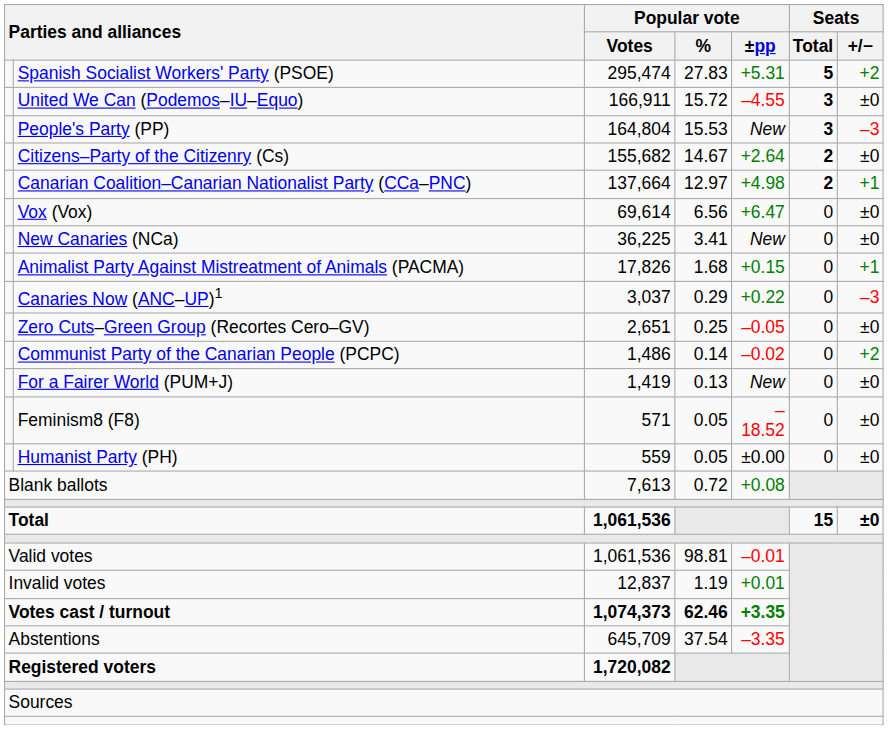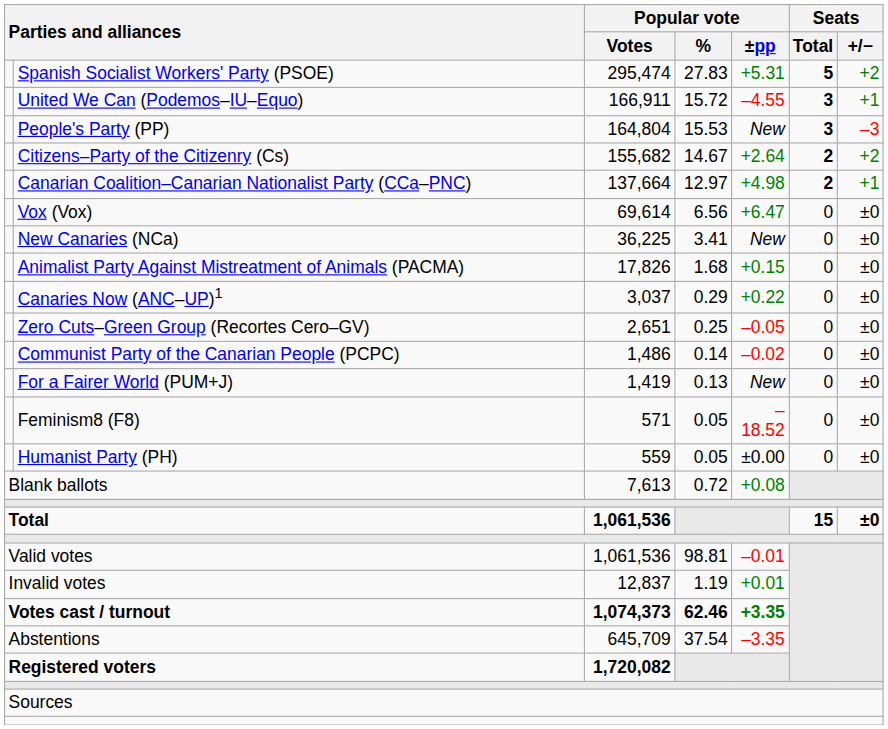 <table class="wikitable" style="text-align:right;">
 <tr>
 <th style="text-align:left;" rowspan="2" colspan="2" width="525">Parties and alliances</th>
 <th colspan="3">Popular vote</th>
 <th colspan="2">Seats</th>
 </tr>
 <tr>
 <th width="75">Votes</th>
 <th width="45">%</th>
 <th width="45">±<a href='#'>pp</a></th>
 <th width="35">Total</th>
 <th width="35">+/−</th>
 </tr>
 <tr>
 <td width="1" style="color:inherit;background:"></td>
 <td align="left"><a href='#'>Spanish Socialist Workers' Party</a> (PSOE)</td>
 <td>295,474</td>
 <td>27.83</td>
 <td style="color:green;">+5.31</td>
 <td><strong>5</strong></td>
 <td style="color:green;">+2</td>
 </tr>
 <tr>
 <td style="color:inherit;background:"></td>
 <td align="left"><a href='#'>United We Can</a> (<a href='#'>Podemos</a>–<a href='#'>IU</a>–<a href='#'>Equo</a>)</td>
 <td>166,911</td>
 <td>15.72</td>
 <td style="color:red;">–4.55</td>
 <td><strong>3</strong></td>
-<td>±0</td>
+<td style="color:green;">+1</td>
 </tr>
 <tr>
 <td style="color:inherit;background:"></td>
 <td align="left"><a href='#'>People's Party</a> (PP)</td>
 <td>164,804</td>
 <td>15.53</td>
 <td><em>New</em></td>
 <td><strong>3</strong></td>
 <td style="color:red;">–3</td>
 </tr>
 <tr>
 <td style="color:inherit;background:"></td>
 <td align="left"><a href='#'>Citizens–Party of the Citizenry</a> (Cs)</td>
 <td>155,682</td>
 <td>14.67</td>
 <td style="color:green;">+2.64</td>
 <td><strong>2</strong></td>
-<td>±0</td>
+<td style="color:green;">+2</td>
 </tr>
 <tr>
 <td style="color:inherit;background:"></td>
 <td align="left"><a href='#'>Canarian Coalition–Canarian Nationalist Party</a> (<a href='#'>CCa</a>–<a href='#'>PNC</a>)</td>
 <td>137,664</td>
 <td>12.97</td>
 <td style="color:green;">+4.98</td>
 <td><strong>2</strong></td>
 <td style="color:green;">+1</td>
 </tr>
 <tr>
 <td style="color:inherit;background:"></td>
 <td align="left"><a href='#'>Vox</a> (Vox)</td>
 <td>69,614</td>
 <td>6.56</td>
 <td style="color:green;">+6.47</td>
 <td>0</td>
 <td>±0</td>
 </tr>
 <tr>
 <td style="color:inherit;background:"></td>
 <td align="left"><a href='#'>New Canaries</a> (NCa)</td>
 <td>36,225</td>
 <td>3.41</td>
 <td><em>New</em></td>
 <td>0</td>
 <td>±0</td>
 </tr>
 <tr>
 <td style="color:inherit;background:"></td>
 <td align="left"><a href='#'>Animalist Party Against Mistreatment of Animals</a> (PACMA)</td>
 <td>17,826</td>
 <td>1.68</td>
 <td style="color:green;">+0.15</td>
 <td>0</td>
-<td style="color:green;">+1</td>
+<td>±0</td>
 </tr>
 <tr>
 <td style="color:inherit;background:"></td>
 <td align="left"><a href='#'>Canaries Now</a> (<a href='#'>ANC</a>–<a href='#'>UP</a>)<sup>1</sup></td>
 <td>3,037</td>
 <td>0.29</td>
 <td style="color:green;">+0.22</td>
 <td>0</td>
-<td style="color:red;">–3</td>
+<td>±0</td>
 </tr>
 <tr>
 <td style="color:inherit;background:"></td>
 <td align="left"><a href='#'>Zero Cuts</a>–<a href='#'>Green Group</a> (Recortes Cero–GV)</td>
 <td>2,651</td>
 <td>0.25</td>
 <td style="color:red;">–0.05</td>
 <td>0</td>
 <td>±0</td>
 </tr>
 <tr>
 <td style="color:inherit;background:"></td>
 <td align="left"><a href='#'>Communist Party of the Canarian People</a> (PCPC)</td>
 <td>1,486</td>
 <td>0.14</td>
 <td style="color:red;">–0.02</td>
 <td>0</td>
-<td style="color:green;">+2</td>
+<td>±0</td>
 </tr>
 <tr>
 <td style="color:inherit;background:"></td>
 <td align="left"><a href='#'>For a Fairer World</a> (PUM+J)</td>
 <td>1,419</td>
 <td>0.13</td>
 <td><em>New</em></td>
 <td>0</td>
 <td>±0</td>
 </tr>
 <tr>
 <td style="color:inherit;background:"></td>
 <td align="left">Feminism8 (F8)</td>
 <td>571</td>
 <td>0.05</td>
 <td style="color:red;">–18.52</td>
 <td>0</td>
 <td>±0</td>
 </tr>
 <tr>
 <td style="color:inherit;background:"></td>
 <td align="left"><a href='#'>Humanist Party</a> (PH)</td>
 <td>559</td>
 <td>0.05</td>
 <td>±0.00</td>
 <td>0</td>
 <td>±0</td>
 </tr>
 <tr>
 <td align="left" colspan="2">Blank ballots</td>
 <td>7,613</td>
 <td>0.72</td>
 <td style="color:green;">+0.08</td>
 <td bgcolor="#E9E9E9" colspan="2"></td>
 </tr>
 <tr>
 <td colspan="7" bgcolor="#E9E9E9"></td>
 </tr>
 <tr style="font-weight:bold;">
 <td align="left" colspan="2">Total</td>
 <td>1,061,536</td>
 <td bgcolor="#E9E9E9" colspan="2"></td>
 <td>15</td>
 <td>±0</td>
 </tr>
 <tr>
 <td colspan="7" bgcolor="#E9E9E9"></td>
 </tr>
 <tr>
 <td align="left" colspan="2">Valid votes</td>
 <td>1,061,536</td>
 <td>98.81</td>
 <td style="color:red;">–0.01</td>
 <td bgcolor="#E9E9E9" colspan="2" rowspan="5"></td>
 </tr>
 <tr>
 <td align="left" colspan="2">Invalid votes</td>
 <td>12,837</td>
 <td>1.19</td>
 <td style="color:green;">+0.01</td>
 </tr>
 <tr style="font-weight:bold;">
 <td align="left" colspan="2">Votes cast / turnout</td>
 <td>1,074,373</td>
 <td>62.46</td>
 <td style="color:green;">+3.35</td>
 </tr>
 <tr>
 <td align="left" colspan="2">Abstentions</td>
 <td>645,709</td>
 <td>37.54</td>
 <td style="color:red;">–3.35</td>
 </tr>
 <tr style="font-weight:bold;">
 <td align="left" colspan="2">Registered voters</td>
 <td>1,720,082</td>
 <td bgcolor="#E9E9E9" colspan="2"></td>
 </tr>
 <tr>
 <td colspan="7" bgcolor="#E9E9E9"></td>
 </tr>
 <tr>
 <td align="left" colspan="7">Sources</td>
 </tr>
 <tr>
 <td colspan="7" style="text-align:left; max-width:790px;"></td>
 </tr>
 </table>
